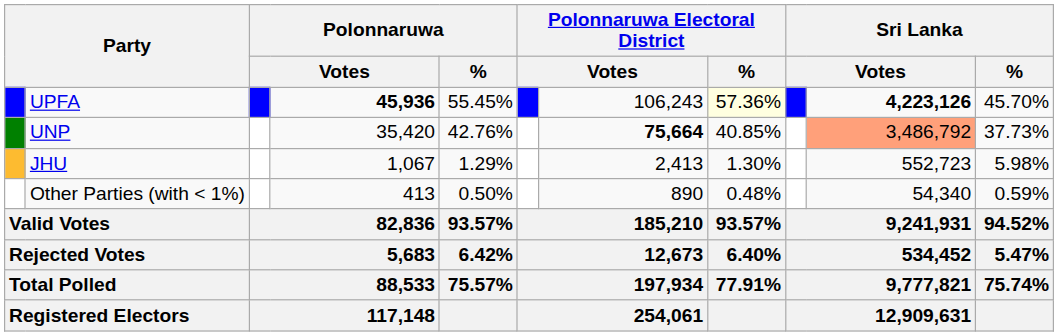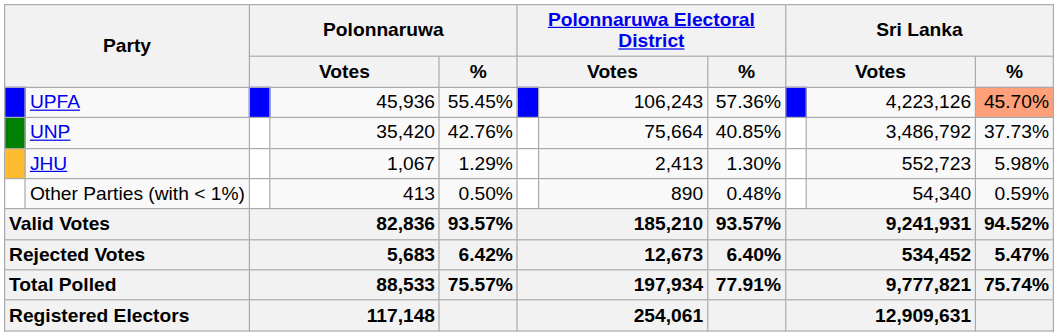 <table class="wikitable">
 <tr>
 <th colspan="2" width="144px"rowspan="2">Party</th>
 <th colspan="3" width="216px">Polonnaruwa</th>
 <th colspan="3" width="216px"><a href='#'>Polonnaruwa Electoral District</a></th>
 <th colspan="3" width="216px">Sri Lanka</th>
 </tr>
 <tr>
 <th colspan="2" width="144px">Votes</th>
 <th>%</th>
 <th colspan="2" width="144px">Votes</th>
 <th>%</th>
 <th colspan="2" width="144px">Votes</th>
 <th>%</th>
 </tr>
 <tr>
 <td style="background-color:blue;" width="10px"></td>
 <td style="text-align:left;"><a href='#'>UPFA</a></td>
 <td style="background-color:blue;" width="10px"></td>
-<td style="text-align:right;"><strong>45,936</strong></td>
+<td style="text-align:right;">45,936</td>
 <td style="text-align:right;">55.45%</td>
 <td style="background-color:blue;" width="10px"></td>
 <td style="text-align:right;">106,243</td>
-<td style="background: lightyellow; text-align:right;">57.36%</td>
+<td style="text-align:right;">57.36%</td>
 <td style="background-color:blue;" width="10px"></td>
-<td style="text-align:right;"><strong>4,223,126</strong></td>
-<td style="text-align:right;">45.70%</td>
+<td style="text-align:right;">4,223,126</td>
+<td style="background: lightsalmon; text-align:right;">45.70%</td>
 </tr>
 <tr>
 <td style="background-color:green;" width="10px"></td>
 <td style="text-align:left;"><a href='#'>UNP</a></td>
 <td style="background-color:white;" width="10px"></td>
 <td style="text-align:right;">35,420</td>
 <td style="text-align:right;">42.76%</td>
 <td style="background-color:white;" width="10px"></td>
-<td style="text-align:right;"><strong>75,664</strong></td>
+<td style="text-align:right;">75,664</td>
 <td style="text-align:right;">40.85%</td>
 <td style="background-color:white;" width="10px"></td>
-<td style="background: lightsalmon; text-align:right;">3,486,792</td>
+<td style="text-align:right;">3,486,792</td>
 <td style="text-align:right;">37.73%</td>
 </tr>
 <tr>
 <td style="background-color:#FDBB30;" width="10px"></td>
 <td style="text-align:left;"><a href='#'>JHU</a></td>
 <td style="background-color:white;" width="10px"></td>
 <td style="text-align:right;">1,067</td>
 <td style="text-align:right;">1.29%</td>
 <td style="background-color:white;" width="10px"></td>
 <td style="text-align:right;">2,413</td>
 <td style="text-align:right;">1.30%</td>
 <td style="background-color:white;" width="10px"></td>
 <td style="text-align:right;">552,723</td>
 <td style="text-align:right;">5.98%</td>
 </tr>
 <tr>
 <td style="background-color:white;" width="10px"></td>
 <td style="text-align:left;">Other Parties (with < 1%)</td>
 <td style="background-color:white;" width="10px"></td>
 <td style="text-align:right;">413</td>
 <td style="text-align:right;">0.50%</td>
 <td style="background-color:white;" width="10px"></td>
 <td style="text-align:right;">890</td>
 <td style="text-align:right;">0.48%</td>
 <td style="background-color:white;" width="10px"></td>
 <td style="text-align:right;">54,340</td>
 <td style="text-align:right;">0.59%</td>
 </tr>
 <tr>
 <th colspan="2" width="144px"style="text-align:left;">Valid Votes</th>
 <th style="text-align:right;"colspan="2" width="144px">82,836</th>
 <th style="text-align:right;">93.57%</th>
 <th style="text-align:right;"colspan="2" width="144px">185,210</th>
 <th style="text-align:right;">93.57%</th>
 <th style="text-align:right;"colspan="2" width="144px">9,241,931</th>
 <th style="text-align:right;">94.52%</th>
 </tr>
 <tr>
 <th colspan="2" width="144px"style="text-align:left;">Rejected Votes</th>
 <th style="text-align:right;"colspan="2" width="144px">5,683</th>
 <th style="text-align:right;">6.42%</th>
 <th style="text-align:right;"colspan="2" width="144px">12,673</th>
 <th style="text-align:right;">6.40%</th>
 <th style="text-align:right;"colspan="2" width="144px">534,452</th>
 <th style="text-align:right;">5.47%</th>
 </tr>
 <tr>
 <th colspan="2" width="144px"style="text-align:left;">Total Polled</th>
 <th style="text-align:right;"colspan="2" width="144px">88,533</th>
 <th style="text-align:right;">75.57%</th>
 <th style="text-align:right;"colspan="2" width="144px">197,934</th>
 <th style="text-align:right;">77.91%</th>
 <th style="text-align:right;"colspan="2" width="144px">9,777,821</th>
 <th style="text-align:right;">75.74%</th>
 </tr>
 <tr>
 <th colspan="2" width="144px"style="text-align:left;">Registered Electors</th>
 <th style="text-align:right;"colspan="2" width="144px">117,148</th>
 <th></th>
 <th style="text-align:right;"colspan="2" width="144px">254,061</th>
 <th></th>
 <th style="text-align:right;"colspan="2" width="144px">12,909,631</th>
 <th></th>
 </tr>
 </table>
